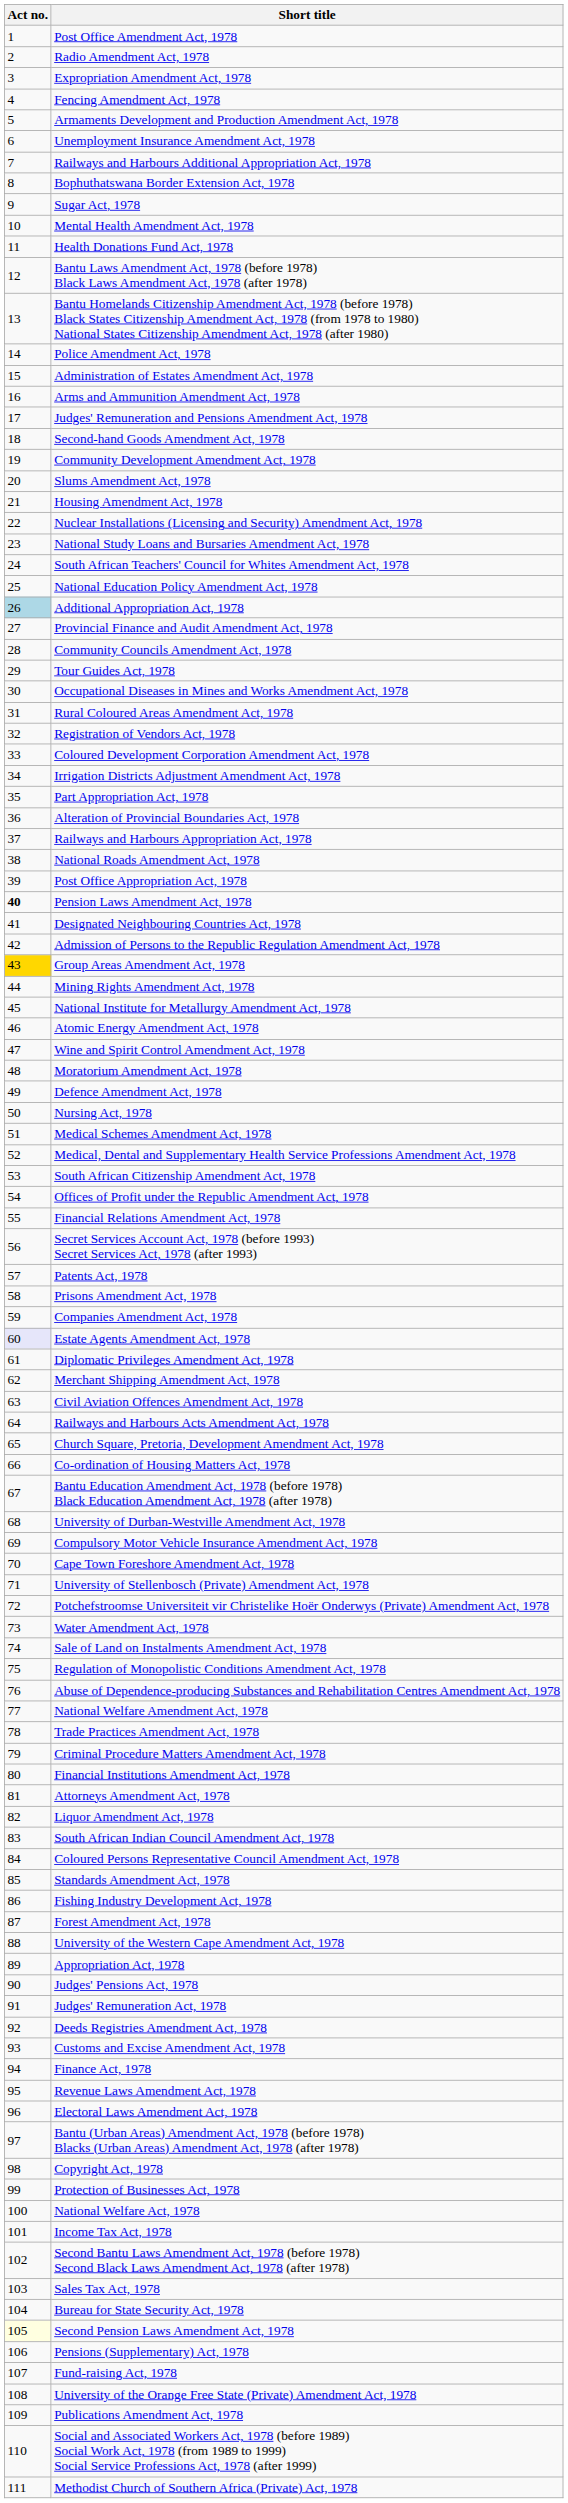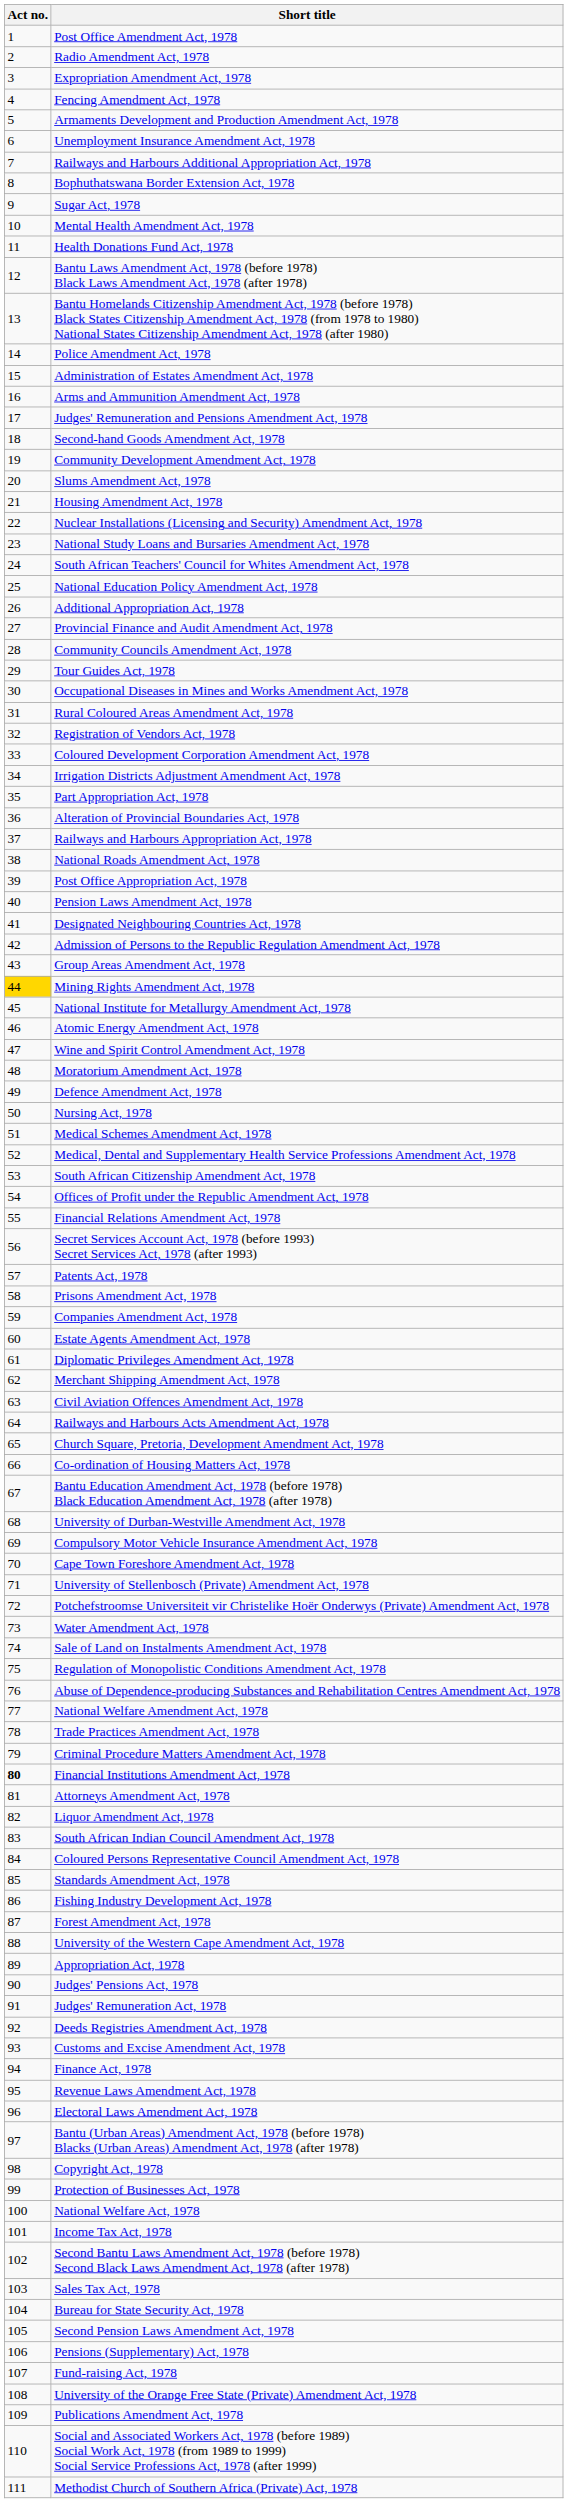 <table class="wikitable sortable">
 <tr>
 <th>Act no.</th>
 <th>Short title</th>
 </tr>
 <tr>
 <td>1</td>
 <td><a href='#'>Post Office Amendment Act, 1978</a></td>
 </tr>
 <tr>
 <td>2</td>
 <td><a href='#'>Radio Amendment Act, 1978</a></td>
 </tr>
 <tr>
 <td>3</td>
 <td><a href='#'>Expropriation Amendment Act, 1978</a></td>
 </tr>
 <tr>
 <td>4</td>
 <td><a href='#'>Fencing Amendment Act, 1978</a></td>
 </tr>
 <tr>
 <td>5</td>
 <td><a href='#'>Armaments Development and Production Amendment Act, 1978</a></td>
 </tr>
 <tr>
 <td>6</td>
 <td><a href='#'>Unemployment Insurance Amendment Act, 1978</a></td>
 </tr>
 <tr>
 <td>7</td>
 <td><a href='#'>Railways and Harbours Additional Appropriation Act, 1978</a></td>
 </tr>
 <tr>
 <td>8</td>
 <td><a href='#'>Bophuthatswana Border Extension Act, 1978</a></td>
 </tr>
 <tr>
 <td>9</td>
 <td><a href='#'>Sugar Act, 1978</a></td>
 </tr>
 <tr>
 <td>10</td>
 <td><a href='#'>Mental Health Amendment Act, 1978</a></td>
 </tr>
 <tr>
 <td>11</td>
 <td><a href='#'>Health Donations Fund Act, 1978</a></td>
 </tr>
 <tr>
 <td>12</td>
 <td><a href='#'>Bantu Laws Amendment Act, 1978</a> (before 1978) <br><a href='#'>Black Laws Amendment Act, 1978</a> (after 1978)</td>
 </tr>
 <tr>
 <td>13</td>
 <td><a href='#'>Bantu Homelands Citizenship Amendment Act, 1978</a> (before 1978) <br><a href='#'>Black States Citizenship Amendment Act, 1978</a> (from 1978 to 1980) <br><a href='#'>National States Citizenship Amendment Act, 1978</a> (after 1980)</td>
 </tr>
 <tr>
 <td>14</td>
 <td><a href='#'>Police Amendment Act, 1978</a></td>
 </tr>
 <tr>
 <td>15</td>
 <td><a href='#'>Administration of Estates Amendment Act, 1978</a></td>
 </tr>
 <tr>
 <td>16</td>
 <td><a href='#'>Arms and Ammunition Amendment Act, 1978</a></td>
 </tr>
 <tr>
 <td>17</td>
 <td><a href='#'>Judges' Remuneration and Pensions Amendment Act, 1978</a></td>
 </tr>
 <tr>
 <td>18</td>
 <td><a href='#'>Second-hand Goods Amendment Act, 1978</a></td>
 </tr>
 <tr>
 <td>19</td>
 <td><a href='#'>Community Development Amendment Act, 1978</a></td>
 </tr>
 <tr>
 <td>20</td>
 <td><a href='#'>Slums Amendment Act, 1978</a></td>
 </tr>
 <tr>
 <td>21</td>
 <td><a href='#'>Housing Amendment Act, 1978</a></td>
 </tr>
 <tr>
 <td>22</td>
 <td><a href='#'>Nuclear Installations (Licensing and Security) Amendment Act, 1978</a></td>
 </tr>
 <tr>
 <td>23</td>
 <td><a href='#'>National Study Loans and Bursaries Amendment Act, 1978</a></td>
 </tr>
 <tr>
 <td>24</td>
 <td><a href='#'>South African Teachers' Council for Whites Amendment Act, 1978</a></td>
 </tr>
 <tr>
 <td>25</td>
 <td><a href='#'>National Education Policy Amendment Act, 1978</a></td>
 </tr>
 <tr>
-<td style="background: lightblue;">26</td>
+<td>26</td>
 <td><a href='#'>Additional Appropriation Act, 1978</a></td>
 </tr>
 <tr>
 <td>27</td>
 <td><a href='#'>Provincial Finance and Audit Amendment Act, 1978</a></td>
 </tr>
 <tr>
 <td>28</td>
 <td><a href='#'>Community Councils Amendment Act, 1978</a></td>
 </tr>
 <tr>
 <td>29</td>
 <td><a href='#'>Tour Guides Act, 1978</a></td>
 </tr>
 <tr>
 <td>30</td>
 <td><a href='#'>Occupational Diseases in Mines and Works Amendment Act, 1978</a></td>
 </tr>
 <tr>
 <td>31</td>
 <td><a href='#'>Rural Coloured Areas Amendment Act, 1978</a></td>
 </tr>
 <tr>
 <td>32</td>
 <td><a href='#'>Registration of Vendors Act, 1978</a></td>
 </tr>
 <tr>
 <td>33</td>
 <td><a href='#'>Coloured Development Corporation Amendment Act, 1978</a></td>
 </tr>
 <tr>
 <td>34</td>
 <td><a href='#'>Irrigation Districts Adjustment Amendment Act, 1978</a></td>
 </tr>
 <tr>
 <td>35</td>
 <td><a href='#'>Part Appropriation Act, 1978</a></td>
 </tr>
 <tr>
 <td>36</td>
 <td><a href='#'>Alteration of Provincial Boundaries Act, 1978</a></td>
 </tr>
 <tr>
 <td>37</td>
 <td><a href='#'>Railways and Harbours Appropriation Act, 1978</a></td>
 </tr>
 <tr>
 <td>38</td>
 <td><a href='#'>National Roads Amendment Act, 1978</a></td>
 </tr>
 <tr>
 <td>39</td>
 <td><a href='#'>Post Office Appropriation Act, 1978</a></td>
 </tr>
 <tr>
-<td><strong>40</strong></td>
+<td>40</td>
 <td><a href='#'>Pension Laws Amendment Act, 1978</a></td>
 </tr>
 <tr>
 <td>41</td>
 <td><a href='#'>Designated Neighbouring Countries Act, 1978</a></td>
 </tr>
 <tr>
 <td>42</td>
 <td><a href='#'>Admission of Persons to the Republic Regulation Amendment Act, 1978</a></td>
 </tr>
 <tr>
-<td style="background: gold;">43</td>
+<td>43</td>
 <td><a href='#'>Group Areas Amendment Act, 1978</a></td>
 </tr>
 <tr>
-<td>44</td>
+<td style="background: gold;">44</td>
 <td><a href='#'>Mining Rights Amendment Act, 1978</a></td>
 </tr>
 <tr>
 <td>45</td>
 <td><a href='#'>National Institute for Metallurgy Amendment Act, 1978</a></td>
 </tr>
 <tr>
 <td>46</td>
 <td><a href='#'>Atomic Energy Amendment Act, 1978</a></td>
 </tr>
 <tr>
 <td>47</td>
 <td><a href='#'>Wine and Spirit Control Amendment Act, 1978</a></td>
 </tr>
 <tr>
 <td>48</td>
 <td><a href='#'>Moratorium Amendment Act, 1978</a></td>
 </tr>
 <tr>
 <td>49</td>
 <td><a href='#'>Defence Amendment Act, 1978</a></td>
 </tr>
 <tr>
 <td>50</td>
 <td><a href='#'>Nursing Act, 1978</a></td>
 </tr>
 <tr>
 <td>51</td>
 <td><a href='#'>Medical Schemes Amendment Act, 1978</a></td>
 </tr>
 <tr>
 <td>52</td>
 <td><a href='#'>Medical, Dental and Supplementary Health Service Professions Amendment Act, 1978</a></td>
 </tr>
 <tr>
 <td>53</td>
 <td><a href='#'>South African Citizenship Amendment Act, 1978</a></td>
 </tr>
 <tr>
 <td>54</td>
 <td><a href='#'>Offices of Profit under the Republic Amendment Act, 1978</a></td>
 </tr>
 <tr>
 <td>55</td>
 <td><a href='#'>Financial Relations Amendment Act, 1978</a></td>
 </tr>
 <tr>
 <td>56</td>
 <td><a href='#'>Secret Services Account Act, 1978</a> (before 1993) <br><a href='#'>Secret Services Act, 1978</a> (after 1993)</td>
 </tr>
 <tr>
 <td>57</td>
 <td><a href='#'>Patents Act, 1978</a></td>
 </tr>
 <tr>
 <td>58</td>
 <td><a href='#'>Prisons Amendment Act, 1978</a></td>
 </tr>
 <tr>
 <td>59</td>
 <td><a href='#'>Companies Amendment Act, 1978</a></td>
 </tr>
 <tr>
-<td style="background: lavender;">60</td>
+<td>60</td>
 <td><a href='#'>Estate Agents Amendment Act, 1978</a></td>
 </tr>
 <tr>
 <td>61</td>
 <td><a href='#'>Diplomatic Privileges Amendment Act, 1978</a></td>
 </tr>
 <tr>
 <td>62</td>
 <td><a href='#'>Merchant Shipping Amendment Act, 1978</a></td>
 </tr>
 <tr>
 <td>63</td>
 <td><a href='#'>Civil Aviation Offences Amendment Act, 1978</a></td>
 </tr>
 <tr>
 <td>64</td>
 <td><a href='#'>Railways and Harbours Acts Amendment Act, 1978</a></td>
 </tr>
 <tr>
 <td>65</td>
 <td><a href='#'>Church Square, Pretoria, Development Amendment Act, 1978</a></td>
 </tr>
 <tr>
 <td>66</td>
 <td><a href='#'>Co-ordination of Housing Matters Act, 1978</a></td>
 </tr>
 <tr>
 <td>67</td>
 <td><a href='#'>Bantu Education Amendment Act, 1978</a> (before 1978) <br><a href='#'>Black Education Amendment Act, 1978</a> (after 1978)</td>
 </tr>
 <tr>
 <td>68</td>
 <td><a href='#'>University of Durban-Westville Amendment Act, 1978</a></td>
 </tr>
 <tr>
 <td>69</td>
 <td><a href='#'>Compulsory Motor Vehicle Insurance Amendment Act, 1978</a></td>
 </tr>
 <tr>
 <td>70</td>
 <td><a href='#'>Cape Town Foreshore Amendment Act, 1978</a></td>
 </tr>
 <tr>
 <td>71</td>
 <td><a href='#'>University of Stellenbosch (Private) Amendment Act, 1978</a></td>
 </tr>
 <tr>
 <td>72</td>
 <td><a href='#'>Potchefstroomse Universiteit vir Christelike Hoër Onderwys (Private) Amendment Act, 1978</a></td>
 </tr>
 <tr>
 <td>73</td>
 <td><a href='#'>Water Amendment Act, 1978</a></td>
 </tr>
 <tr>
 <td>74</td>
 <td><a href='#'>Sale of Land on Instalments Amendment Act, 1978</a></td>
 </tr>
 <tr>
 <td>75</td>
 <td><a href='#'>Regulation of Monopolistic Conditions Amendment Act, 1978</a></td>
 </tr>
 <tr>
 <td>76</td>
 <td><a href='#'>Abuse of Dependence-producing Substances and Rehabilitation Centres Amendment Act, 1978</a></td>
 </tr>
 <tr>
 <td>77</td>
 <td><a href='#'>National Welfare Amendment Act, 1978</a></td>
 </tr>
 <tr>
 <td>78</td>
 <td><a href='#'>Trade Practices Amendment Act, 1978</a></td>
 </tr>
 <tr>
 <td>79</td>
 <td><a href='#'>Criminal Procedure Matters Amendment Act, 1978</a></td>
 </tr>
 <tr>
-<td>80</td>
+<td><strong>80</strong></td>
 <td><a href='#'>Financial Institutions Amendment Act, 1978</a></td>
 </tr>
 <tr>
 <td>81</td>
 <td><a href='#'>Attorneys Amendment Act, 1978</a></td>
 </tr>
 <tr>
 <td>82</td>
 <td><a href='#'>Liquor Amendment Act, 1978</a></td>
 </tr>
 <tr>
 <td>83</td>
 <td><a href='#'>South African Indian Council Amendment Act, 1978</a></td>
 </tr>
 <tr>
 <td>84</td>
 <td><a href='#'>Coloured Persons Representative Council Amendment Act, 1978</a></td>
 </tr>
 <tr>
 <td>85</td>
 <td><a href='#'>Standards Amendment Act, 1978</a></td>
 </tr>
 <tr>
 <td>86</td>
 <td><a href='#'>Fishing Industry Development Act, 1978</a></td>
 </tr>
 <tr>
 <td>87</td>
 <td><a href='#'>Forest Amendment Act, 1978</a></td>
 </tr>
 <tr>
 <td>88</td>
 <td><a href='#'>University of the Western Cape Amendment Act, 1978</a></td>
 </tr>
 <tr>
 <td>89</td>
 <td><a href='#'>Appropriation Act, 1978</a></td>
 </tr>
 <tr>
 <td>90</td>
 <td><a href='#'>Judges' Pensions Act, 1978</a></td>
 </tr>
 <tr>
 <td>91</td>
 <td><a href='#'>Judges' Remuneration Act, 1978</a></td>
 </tr>
 <tr>
 <td>92</td>
 <td><a href='#'>Deeds Registries Amendment Act, 1978</a></td>
 </tr>
 <tr>
 <td>93</td>
 <td><a href='#'>Customs and Excise Amendment Act, 1978</a></td>
 </tr>
 <tr>
 <td>94</td>
 <td><a href='#'>Finance Act, 1978</a></td>
 </tr>
 <tr>
 <td>95</td>
 <td><a href='#'>Revenue Laws Amendment Act, 1978</a></td>
 </tr>
 <tr>
 <td>96</td>
 <td><a href='#'>Electoral Laws Amendment Act, 1978</a></td>
 </tr>
 <tr>
 <td>97</td>
 <td><a href='#'>Bantu (Urban Areas) Amendment Act, 1978</a> (before 1978) <br><a href='#'>Blacks (Urban Areas) Amendment Act, 1978</a> (after 1978)</td>
 </tr>
 <tr>
 <td>98</td>
 <td><a href='#'>Copyright Act, 1978</a></td>
 </tr>
 <tr>
 <td>99</td>
 <td><a href='#'>Protection of Businesses Act, 1978</a></td>
 </tr>
 <tr>
 <td>100</td>
 <td><a href='#'>National Welfare Act, 1978</a></td>
 </tr>
 <tr>
 <td>101</td>
 <td><a href='#'>Income Tax Act, 1978</a></td>
 </tr>
 <tr>
 <td>102</td>
 <td><a href='#'>Second Bantu Laws Amendment Act, 1978</a> (before 1978) <br><a href='#'>Second Black Laws Amendment Act, 1978</a> (after 1978)</td>
 </tr>
 <tr>
 <td>103</td>
 <td><a href='#'>Sales Tax Act, 1978</a></td>
 </tr>
 <tr>
 <td>104</td>
 <td><a href='#'>Bureau for State Security Act, 1978</a></td>
 </tr>
 <tr>
-<td style="background: lightyellow;">105</td>
+<td>105</td>
 <td><a href='#'>Second Pension Laws Amendment Act, 1978</a></td>
 </tr>
 <tr>
 <td>106</td>
 <td><a href='#'>Pensions (Supplementary) Act, 1978</a></td>
 </tr>
 <tr>
 <td>107</td>
 <td><a href='#'>Fund-raising Act, 1978</a></td>
 </tr>
 <tr>
 <td>108</td>
 <td><a href='#'>University of the Orange Free State (Private) Amendment Act, 1978</a></td>
 </tr>
 <tr>
 <td>109</td>
 <td><a href='#'>Publications Amendment Act, 1978</a></td>
 </tr>
 <tr>
 <td>110</td>
 <td><a href='#'>Social and Associated Workers Act, 1978</a> (before 1989) <br><a href='#'>Social Work Act, 1978</a> (from 1989 to 1999) <br><a href='#'>Social Service Professions Act, 1978</a> (after 1999)</td>
 </tr>
 <tr>
 <td>111</td>
 <td><a href='#'>Methodist Church of Southern Africa (Private) Act, 1978</a></td>
 </tr>
 </table>
